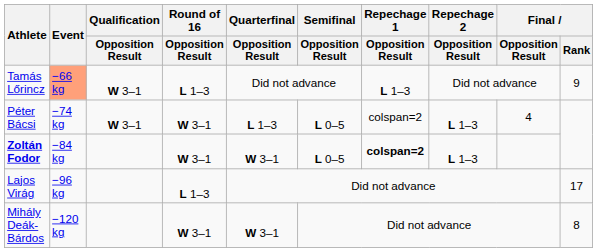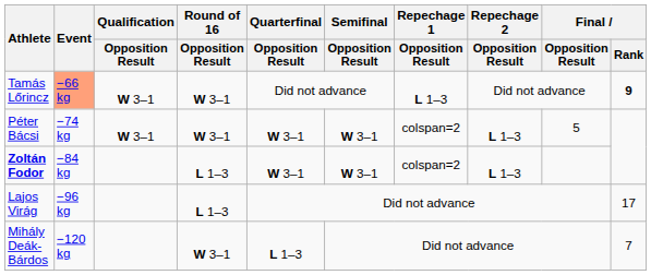 <table class="wikitable" style="font-size:90%">
 <tr>
 <th rowspan="2">Athlete</th>
 <th rowspan="2">Event</th>
 <th>Qualification</th>
 <th>Round of 16</th>
 <th>Quarterfinal</th>
 <th>Semifinal</th>
 <th>Repechage 1</th>
 <th>Repechage 2</th>
 <th colspan=2>Final / </th>
 </tr>
 <tr style="font-size: 95%">
 <th>Opposition<br>Result</th>
 <th>Opposition<br>Result</th>
 <th>Opposition<br>Result</th>
 <th>Opposition<br>Result</th>
 <th>Opposition<br>Result</th>
 <th>Opposition<br>Result</th>
 <th>Opposition<br>Result</th>
 <th>Rank</th>
 </tr>
 <tr align=center>
 <td align=left><a href='#'>Tamás Lőrincz</a></td>
 <td align=left style="background: lightsalmon;"><a href='#'>−66 kg</a></td>
 <td><br><strong>W</strong> 3–1 <sup></sup></td>
-<td><br><strong>L</strong> 1–3 <sup></sup></td>
+<td><br><strong>W</strong> 3–1 <sup></sup></td>
 <td colspan=2>Did not advance</td>
 <td><br><strong>L</strong> 1–3 <sup></sup></td>
 <td colspan=2>Did not advance</td>
-<td>9</td>
+<td><strong>9</strong></td>
 </tr>
 <tr align=center>
 <td align=left><a href='#'>Péter Bácsi</a></td>
 <td align=left><a href='#'>−74 kg</a></td>
 <td><br><strong>W</strong> 3–1 <sup></sup></td>
 <td><br><strong>W</strong> 3–1 <sup></sup></td>
-<td><br><strong>L</strong> 1–3 <sup></sup></td>
-<td><br><strong>L</strong> 0–5 <sup></sup></td>
+<td><br><strong>W</strong> 3–1 <sup></sup></td>
+<td><br><strong>W</strong> 3–1 <sup></sup></td>
 <td>colspan=2 </td>
 <td><br><strong>L</strong> 1–3 <sup></sup></td>
-<td>4</td>
+<td>5</td>
 </tr>
 <tr align=center>
 <td align=left><strong><a href='#'>Zoltán Fodor</a></strong></td>
 <td align=left><a href='#'>−84 kg</a></td>
 <td></td>
+<td><br><strong>L</strong> 1–3 <sup></sup></td>
 <td><br><strong>W</strong> 3–1 <sup></sup></td>
 <td><br><strong>W</strong> 3–1 <sup></sup></td>
-<td><br><strong>L</strong> 0–5 <sup></sup></td>
-<td><strong>colspan=2 </strong></td>
+<td>colspan=2 </td>
 <td><br><strong>L</strong> 1–3 <sup></sup></td>
 <td></td>
 </tr>
 <tr align=center>
 <td align=left><a href='#'>Lajos Virág</a></td>
 <td align=left><a href='#'>−96 kg</a></td>
 <td></td>
 <td><br><strong>L</strong> 1–3 <sup></sup></td>
 <td colspan=5>Did not advance</td>
 <td>17</td>
 </tr>
 <tr align=center>
 <td align=left><a href='#'>Mihály Deák-Bárdos</a></td>
 <td align=left><a href='#'>−120 kg</a></td>
 <td></td>
 <td><br><strong>W</strong> 3–1 <sup></sup></td>
-<td><br><strong>W</strong> 3–1 <sup></sup></td>
+<td><br><strong>L</strong> 1–3 <sup></sup></td>
 <td colspan=4>Did not advance</td>
-<td>8</td>
+<td>7</td>
 </tr>
 </table>
